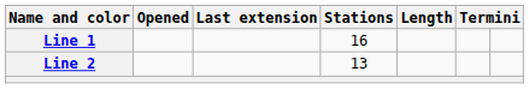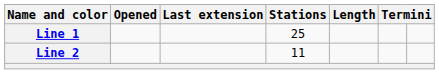 <table class="wikitable sortable" style="margin:auto;font-align:center;">
 <tr>
 <th>Name and color</th>
 <th data-sort-type="date">Opened</th>
 <th>Last extension</th>
 <th data-sort-type="number">Stations</th>
 <th data-sort-type="number">Length</th>
 <th class="unsortable" colspan="2">Termini</th>
 </tr>
 <tr align=center>
 <th style="background-color:#"><a href='#'><span>Line 1</span></a></th>
 <td></td>
 <td></td>
-<td>16</td>
+<td>25</td>
 <td></td>
 <td></td>
 <td></td>
 </tr>
 <tr align=center>
 <th style="background-color:#"><a href='#'><span>Line 2</span></a></th>
 <td></td>
 <td></td>
-<td>13</td>
+<td>11</td>
 <td></td>
 <td></td>
 <td></td>
 </tr>
 <tr>
 <th colspan="7"></th>
 </tr>
 </table>
